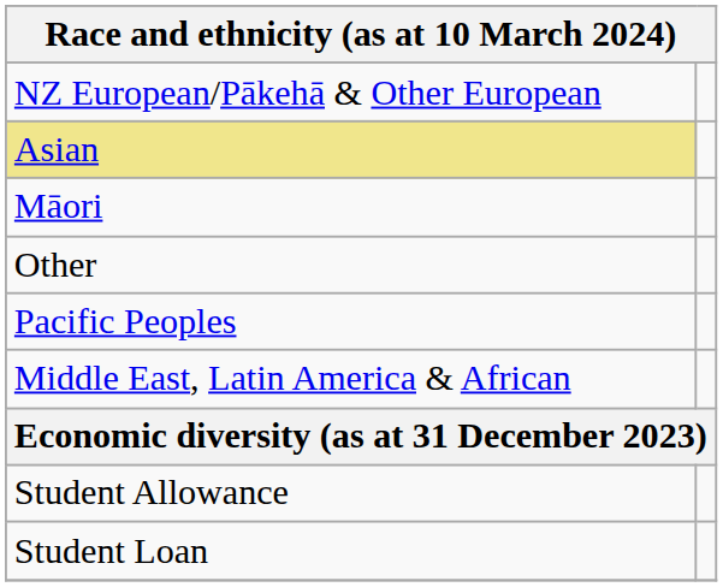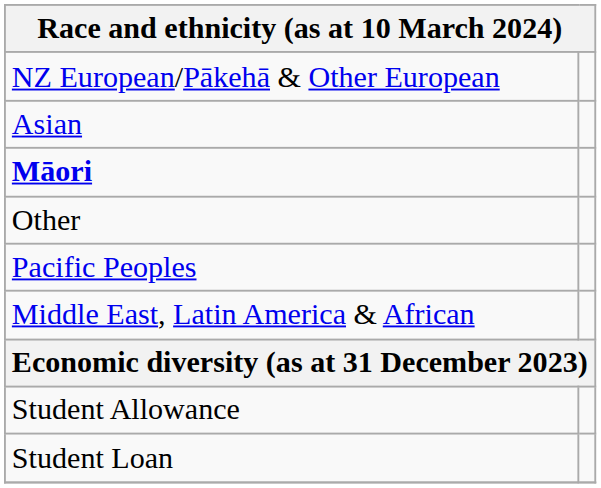 <table class="wikitable floatright sortable collapsible"; text-align:right; font-size:80%;">
 <tr>
 <th colspan="4" data-sort-type=number>Race and ethnicity (as at 10 March 2024)</th>
 </tr>
 <tr>
 <td><a href='#'>NZ European</a>/<a href='#'>Pākehā</a> & <a href='#'>Other European</a></td>
 <td align=right></td>
 </tr>
 <tr>
-<td style="background: khaki;"><a href='#'>Asian</a></td>
+<td><a href='#'>Asian</a></td>
 <td align=right></td>
 </tr>
 <tr>
-<td><a href='#'>Māori</a></td>
+<td><strong><a href='#'>Māori</a></strong></td>
 <td align=right></td>
 </tr>
 <tr>
 <td>Other</td>
 <td align=right></td>
 </tr>
 <tr>
 <td><a href='#'>Pacific Peoples</a></td>
 <td align=right></td>
 </tr>
 <tr>
 <td><a href='#'>Middle East</a>, <a href='#'>Latin America</a> & <a href='#'>African</a></td>
 <td align=right></td>
 </tr>
 <tr>
 <th colspan="4" data-sort-type=number>Economic diversity (as at 31 December 2023)</th>
 </tr>
 <tr>
 <td>Student Allowance</td>
 <td align=right></td>
 </tr>
 <tr>
 <td>Student Loan</td>
 <td align=right></td>
 </tr>
 <tr>
 </tr>
 </table>
